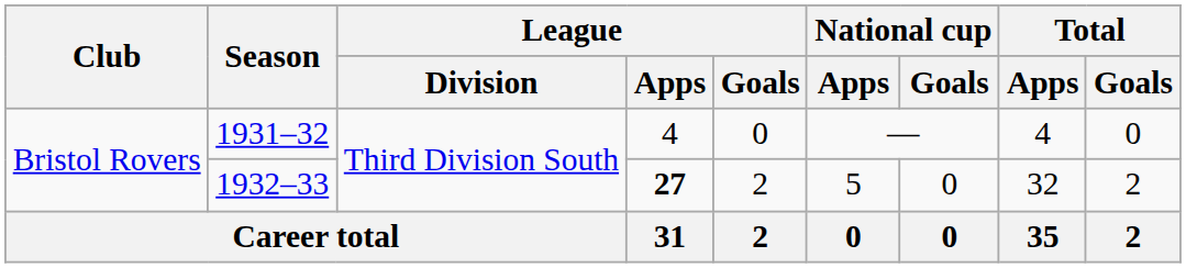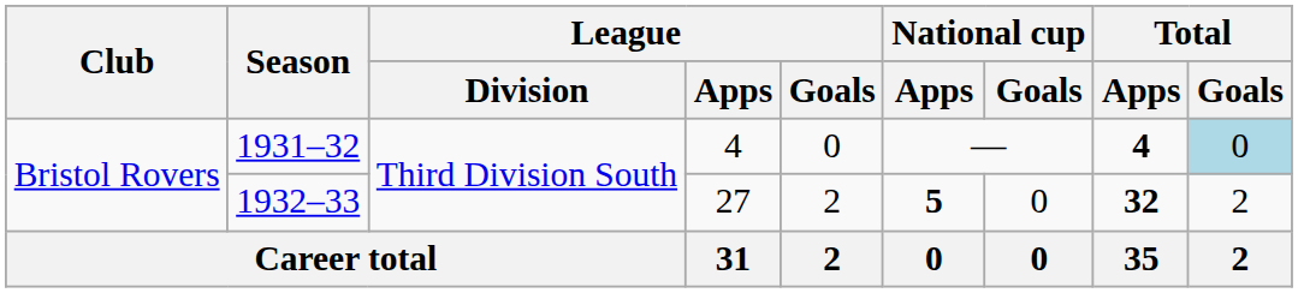 <table class="wikitable" style="text-align:center">
 <tr>
 <th rowspan="2">Club</th>
 <th rowspan="2">Season</th>
 <th colspan="3">League</th>
 <th colspan="2">National cup</th>
 <th colspan="2">Total</th>
 </tr>
 <tr>
 <th>Division</th>
 <th>Apps</th>
 <th>Goals</th>
 <th>Apps</th>
 <th>Goals</th>
 <th>Apps</th>
 <th>Goals</th>
 </tr>
 <tr>
 <td rowspan="2"><a href='#'>Bristol Rovers</a></td>
 <td><a href='#'>1931–32</a></td>
 <td rowspan="2"><a href='#'>Third Division South</a></td>
 <td>4</td>
 <td>0</td>
 <td colspan="2">―</td>
-<td>4</td>
-<td>0</td>
+<td><strong>4</strong></td>
+<td style="background: lightblue;">0</td>
 </tr>
 <tr>
 <td><a href='#'>1932–33</a></td>
-<td><strong>27</strong></td>
+<td>27</td>
 <td>2</td>
-<td>5</td>
+<td><strong>5</strong></td>
 <td>0</td>
-<td>32</td>
+<td><strong>32</strong></td>
 <td>2</td>
 </tr>
 <tr>
 <th colspan="3">Career total</th>
 <th>31</th>
 <th>2</th>
 <th>0</th>
 <th>0</th>
 <th>35</th>
 <th>2</th>
 </tr>
 </table>
